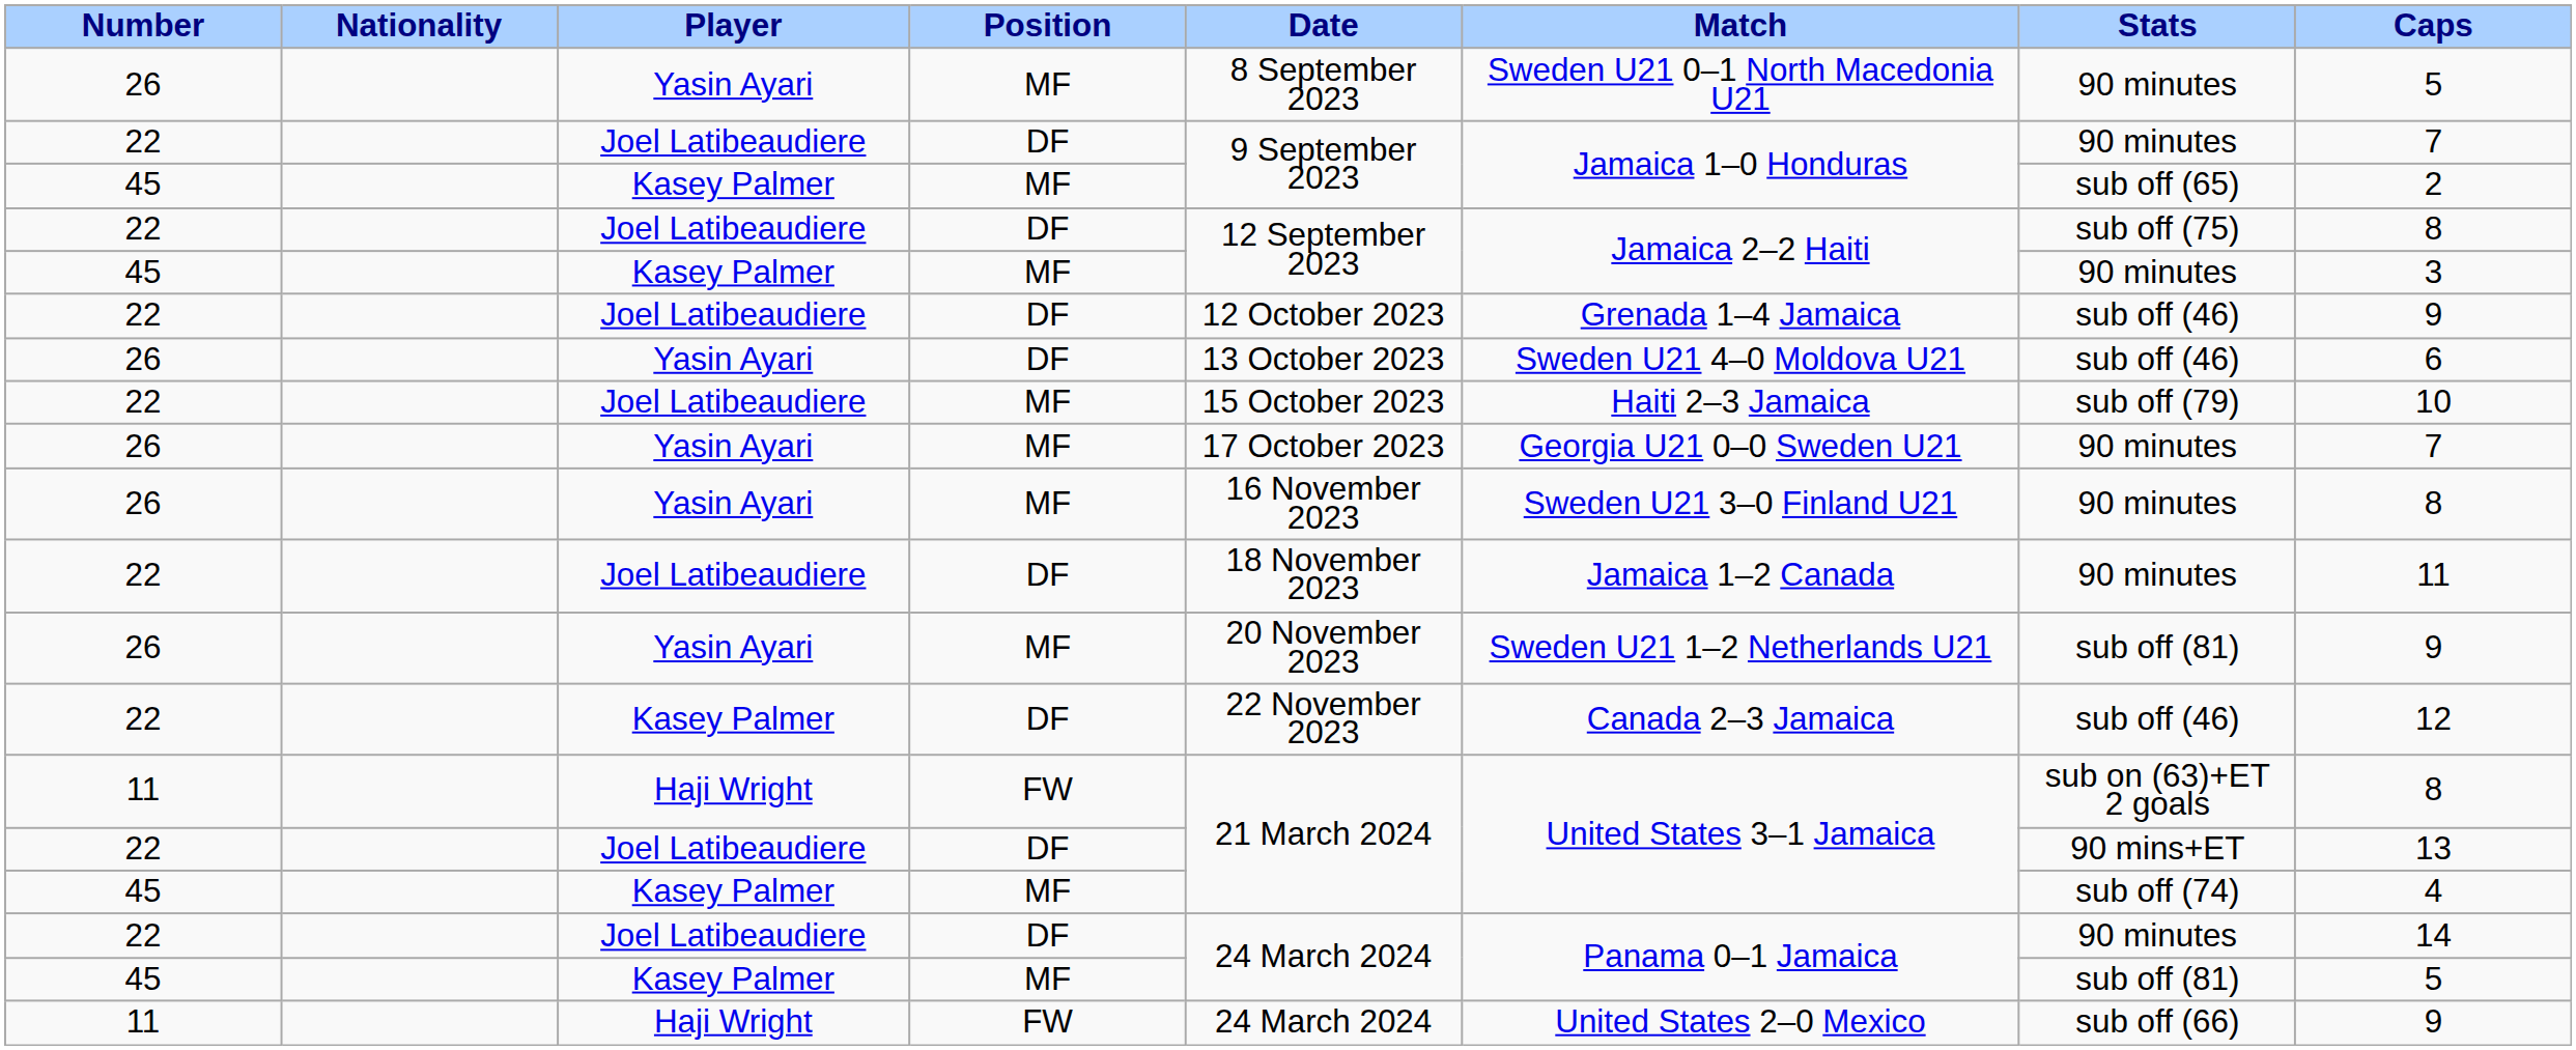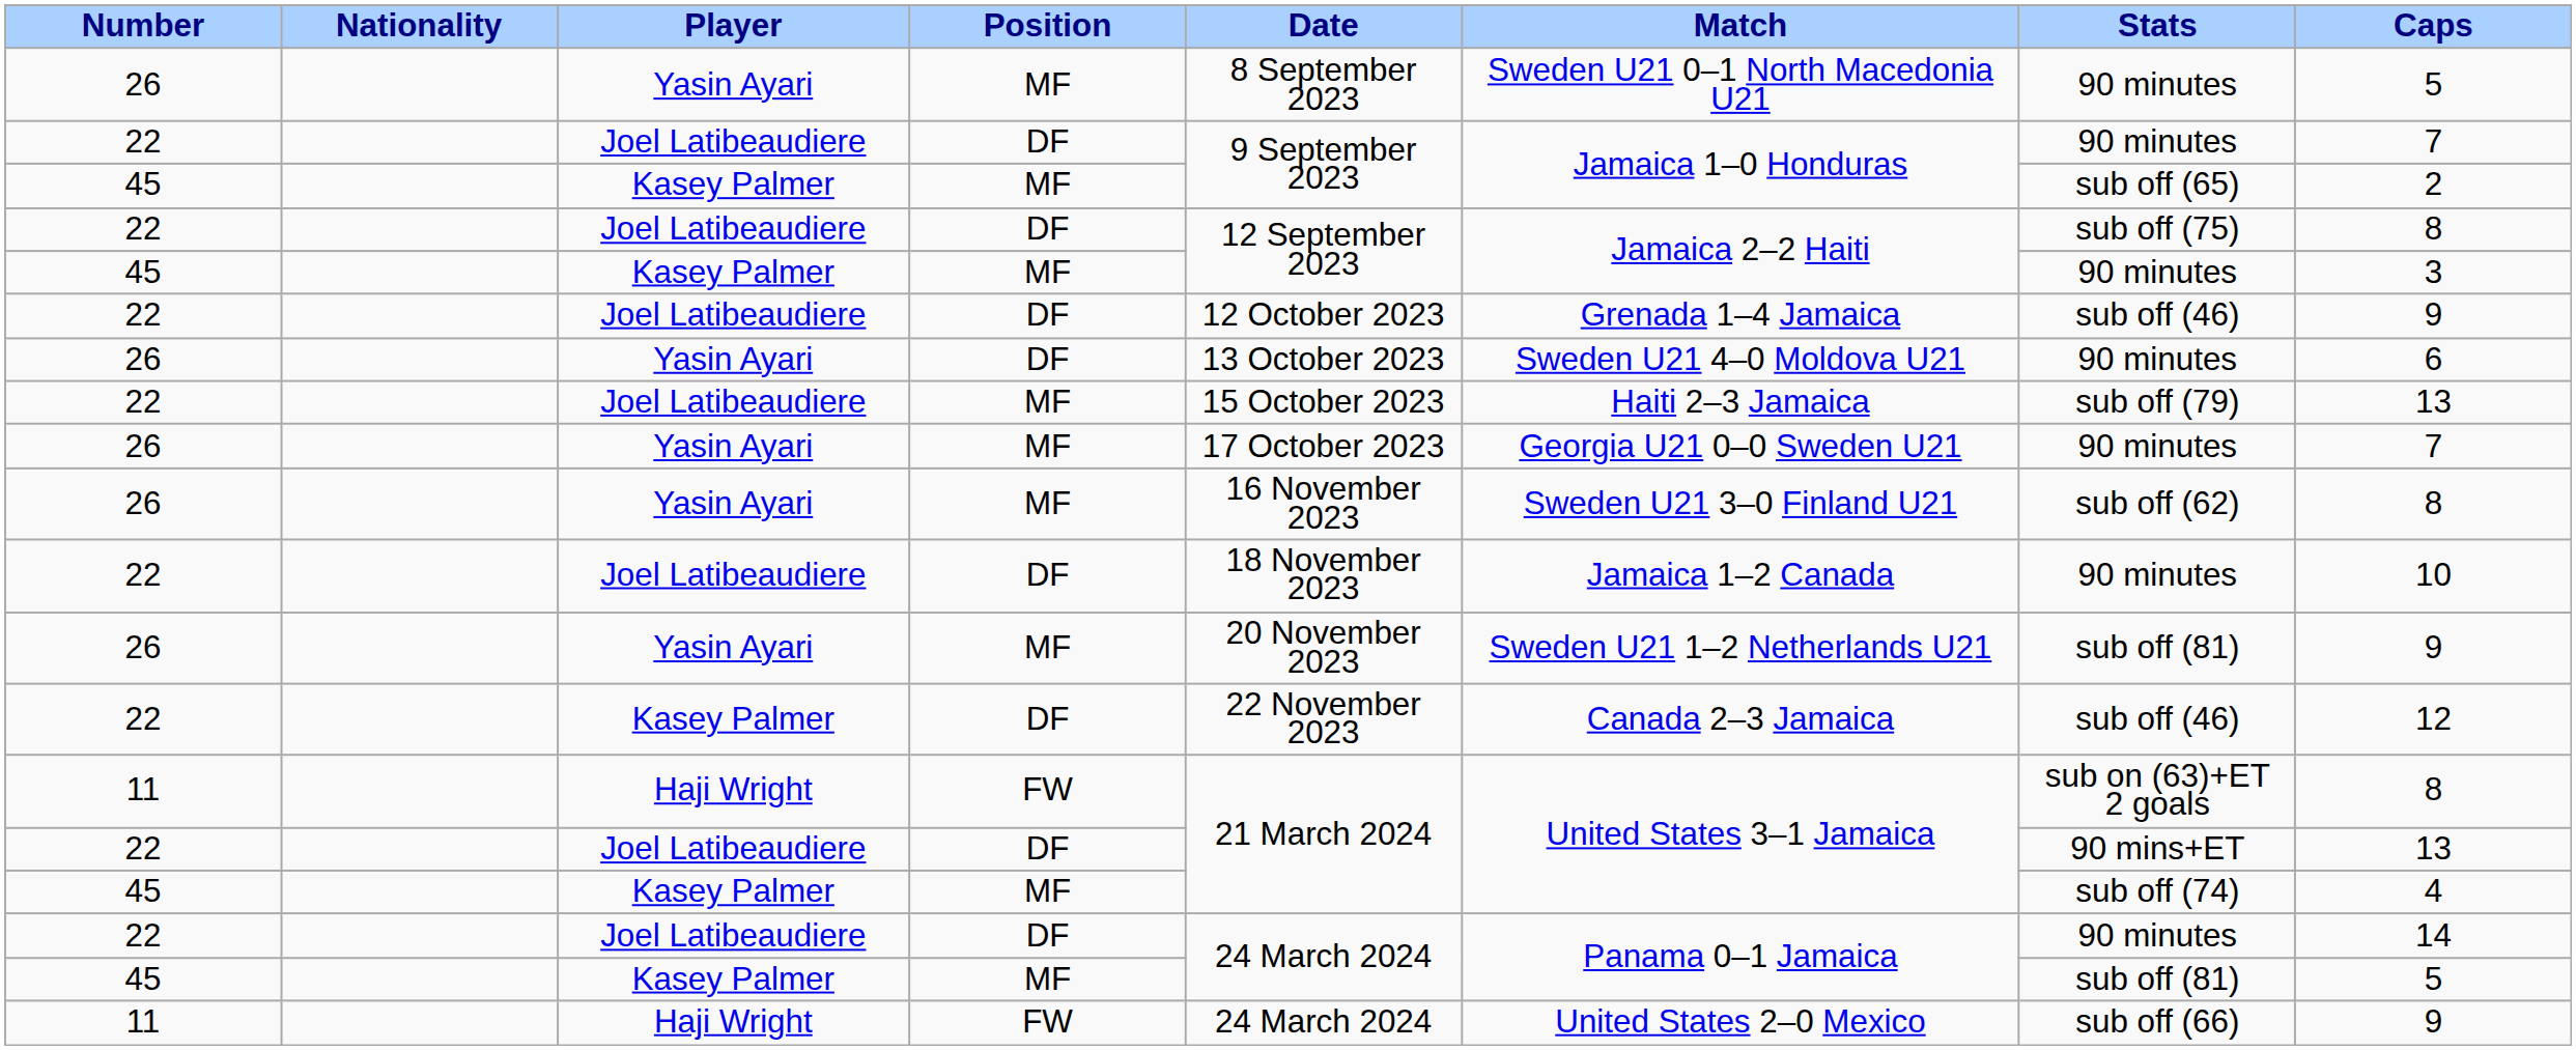 <table class="wikitable sortable alternance" style="font-size:100%; text-align:center; line-height:14px; width:100%;">
 <tr>
 <th style="background:#AAD0FF; color:#000080; width:100px;">Number</th>
 <th style="background:#AAD0FF; color:#000080; width:100px;">Nationality</th>
 <th style="background:#AAD0FF; color:#000080; width:130px;">Player</th>
 <th style="background:#AAD0FF; color:#000080; width:100px;">Position</th>
 <th style="background:#AAD0FF; color:#000080; width:100px;">Date</th>
 <th style="background:#AAD0FF; color:#000080; width:210px;">Match</th>
 <th style="background:#AAD0FF; color:#000080; width:100px;">Stats</th>
 <th style="background:#AAD0FF; color:#000080; width:100px;">Caps</th>
 </tr>
 <tr>
 <td>26</td>
 <td></td>
 <td><a href='#'>Yasin Ayari</a></td>
 <td>MF</td>
 <td>8 September 2023</td>
 <td><a href='#'>Sweden U21</a> 0–1 <a href='#'>North Macedonia U21</a></td>
 <td>90 minutes </td>
 <td>5</td>
 </tr>
 <tr>
 <td>22</td>
 <td></td>
 <td><a href='#'>Joel Latibeaudiere</a></td>
 <td>DF</td>
 <td rowspan="2">9 September 2023</td>
 <td rowspan="2"><a href='#'>Jamaica</a> 1–0 <a href='#'>Honduras</a></td>
 <td>90 minutes </td>
 <td>7</td>
 </tr>
 <tr>
 <td>45</td>
 <td></td>
 <td><a href='#'>Kasey Palmer</a></td>
 <td>MF</td>
 <td>sub off (65)</td>
 <td>2</td>
 </tr>
 <tr>
 <td>22</td>
 <td></td>
 <td><a href='#'>Joel Latibeaudiere</a></td>
 <td>DF</td>
 <td rowspan="2">12 September 2023</td>
 <td rowspan="2"><a href='#'>Jamaica</a> 2–2 <a href='#'>Haiti</a></td>
 <td>sub off (75)</td>
 <td>8</td>
 </tr>
 <tr>
 <td>45</td>
 <td></td>
 <td><a href='#'>Kasey Palmer</a></td>
 <td>MF</td>
 <td>90 minutes</td>
 <td>3</td>
 </tr>
 <tr>
 <td>22</td>
 <td></td>
 <td><a href='#'>Joel Latibeaudiere</a></td>
 <td>DF</td>
 <td>12 October 2023</td>
 <td><a href='#'>Grenada</a> 1–4 <a href='#'>Jamaica</a></td>
 <td>sub off (46)</td>
 <td>9</td>
 </tr>
 <tr>
 <td>26</td>
 <td></td>
 <td><a href='#'>Yasin Ayari</a></td>
 <td>DF</td>
 <td>13 October 2023</td>
 <td><a href='#'>Sweden U21</a> 4–0 <a href='#'>Moldova U21</a></td>
-<td>sub off (46)</td>
+<td>90 minutes </td>
 <td>6</td>
 </tr>
 <tr>
 <td>22</td>
 <td></td>
 <td><a href='#'>Joel Latibeaudiere</a></td>
 <td>MF</td>
 <td>15 October 2023</td>
 <td><a href='#'>Haiti</a> 2–3 <a href='#'>Jamaica</a></td>
 <td>sub off (79)</td>
-<td>10</td>
+<td>13</td>
 </tr>
 <tr>
 <td>26</td>
 <td></td>
 <td><a href='#'>Yasin Ayari</a></td>
 <td>MF</td>
 <td>17 October 2023</td>
 <td><a href='#'>Georgia U21</a> 0–0 <a href='#'>Sweden U21</a></td>
 <td>90 minutes</td>
 <td>7</td>
 </tr>
 <tr>
 <td>26</td>
 <td></td>
 <td><a href='#'>Yasin Ayari</a></td>
 <td>MF</td>
 <td>16 November 2023</td>
 <td><a href='#'>Sweden U21</a> 3–0 <a href='#'>Finland U21</a></td>
-<td>90 minutes</td>
+<td>sub off (62)</td>
 <td>8</td>
 </tr>
 <tr>
 <td>22</td>
 <td></td>
 <td><a href='#'>Joel Latibeaudiere</a></td>
 <td>DF</td>
 <td>18 November 2023</td>
 <td><a href='#'>Jamaica</a> 1–2 <a href='#'>Canada</a></td>
 <td>90 minutes</td>
-<td>11</td>
+<td>10</td>
 </tr>
 <tr>
 <td>26</td>
 <td></td>
 <td><a href='#'>Yasin Ayari</a></td>
 <td>MF</td>
 <td>20 November 2023</td>
 <td><a href='#'>Sweden U21</a> 1–2 <a href='#'>Netherlands U21</a></td>
 <td>sub off (81)</td>
 <td>9</td>
 </tr>
 <tr>
 <td>22</td>
 <td></td>
 <td><a href='#'>Kasey Palmer</a></td>
 <td>DF</td>
 <td>22 November 2023</td>
 <td><a href='#'>Canada</a> 2–3 <a href='#'>Jamaica</a></td>
 <td>sub off (46)</td>
 <td>12</td>
 </tr>
 <tr>
 <td>11</td>
 <td></td>
 <td><a href='#'>Haji Wright</a></td>
 <td>FW</td>
 <td rowspan="3">21 March 2024</td>
 <td rowspan="3"><a href='#'>United States</a> 3–1 <a href='#'>Jamaica</a></td>
 <td>sub on (63)+ET<br>2 goals </td>
 <td>8</td>
 </tr>
 <tr>
 <td>22</td>
 <td></td>
 <td><a href='#'>Joel Latibeaudiere</a></td>
 <td>DF</td>
 <td>90 mins+ET</td>
 <td>13</td>
 </tr>
 <tr>
 <td>45</td>
 <td></td>
 <td><a href='#'>Kasey Palmer</a></td>
 <td>MF</td>
 <td>sub off (74) </td>
 <td>4</td>
 </tr>
 <tr>
 <td>22</td>
 <td></td>
 <td><a href='#'>Joel Latibeaudiere</a></td>
 <td>DF</td>
 <td rowspan="2">24 March 2024</td>
 <td rowspan="2"><a href='#'>Panama</a> 0–1 <a href='#'>Jamaica</a></td>
 <td>90 minutes </td>
 <td>14</td>
 </tr>
 <tr>
 <td>45</td>
 <td></td>
 <td><a href='#'>Kasey Palmer</a></td>
 <td>MF</td>
 <td>sub off (81) </td>
 <td>5</td>
 </tr>
 <tr>
 <td>11</td>
 <td></td>
 <td><a href='#'>Haji Wright</a></td>
 <td>FW</td>
 <td>24 March 2024</td>
 <td><a href='#'>United States</a> 2–0 <a href='#'>Mexico</a></td>
 <td>sub off (66)</td>
 <td>9</td>
 </tr>
 </table>
